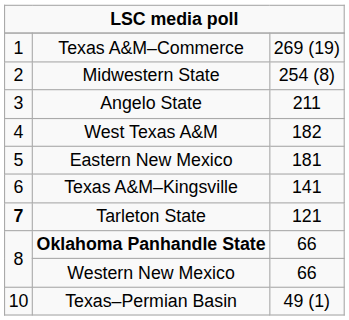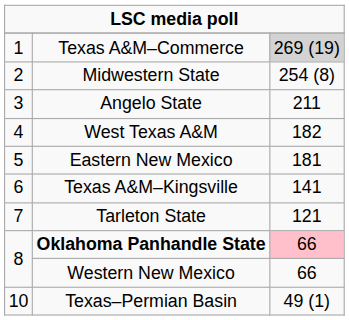 <table class="wikitable" style="display: inline-table;">
 <tr>
 <td align="center" Colspan="3"><strong>LSC media poll</strong></td>
 </tr>
 <tr align="center">
 </tr>
 <tr align="center">
 <td>1</td>
 <td>Texas A&M–Commerce</td>
-<td>269 (19)</td>
+<td style="background: lightgrey;">269 (19)</td>
 </tr>
 <tr align="center">
 <td>2</td>
 <td>Midwestern State</td>
 <td>254 (8)</td>
 </tr>
 <tr align="center">
 <td>3</td>
 <td>Angelo State</td>
 <td>211</td>
 </tr>
 <tr align="center">
 <td>4</td>
 <td>West Texas A&M</td>
 <td>182</td>
 </tr>
 <tr align="center">
 <td>5</td>
 <td>Eastern New Mexico</td>
 <td>181</td>
 </tr>
 <tr align="center">
 <td>6</td>
 <td>Texas A&M–Kingsville</td>
 <td>141</td>
 </tr>
 <tr align="center">
-<td><strong>7</strong></td>
+<td>7</td>
 <td>Tarleton State</td>
 <td>121</td>
 </tr>
 <tr align="center">
 <td rowspan="2">8</td>
 <td><strong>Oklahoma Panhandle State</strong></td>
-<td>66</td>
+<td style="background: pink;">66</td>
 </tr>
 <tr align="center">
 <td>Western New Mexico</td>
 <td>66</td>
 </tr>
 <tr align="center">
 <td>10</td>
 <td>Texas–Permian Basin</td>
 <td>49 (1)</td>
 </tr>
 </table>
